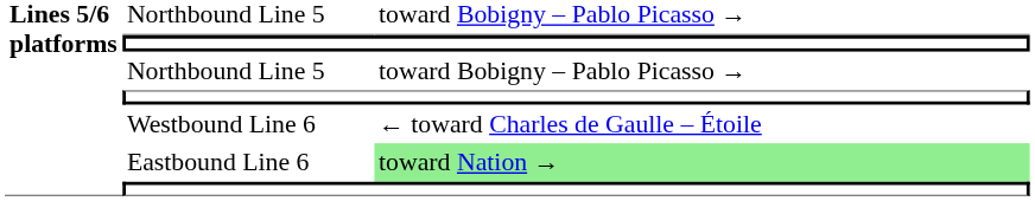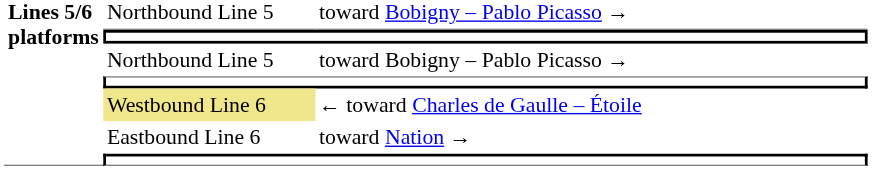 <table border=0 cellspacing=0 cellpadding=3>
 <tr>
 <td style="border-bottom:solid 1px gray;" width=50 rowspan=10 valign=top><strong>Lines 5/6 platforms</strong></td>
 </tr>
 <tr>
 <td style="border-bottom:solid 1px gray;" width=150>Northbound Line 5</td>
 <td style="border-bottom:solid 1px gray;" width=400>   toward <a href='#'>Bobigny – Pablo Picasso</a>  →</td>
 </tr>
 <tr>
 <td style="border-top:solid 2px black;border-right:solid 2px black;border-left:solid 2px black;border-bottom:solid 2px black;text-align:center;" colspan=2></td>
 </tr>
 <tr>
 <td>Northbound Line 5</td>
 <td>   toward Bobigny – Pablo Picasso  →</td>
 </tr>
 <tr>
 <td style="border-top:solid 1px gray;border-right:solid 2px black;border-left:solid 2px black;border-bottom:solid 2px black;text-align:center;" colspan=2></td>
 </tr>
 <tr>
-<td>Westbound Line 6</td>
+<td style="background: khaki;">Westbound Line 6</td>
 <td>←   toward <a href='#'>Charles de Gaulle – Étoile</a> </td>
 </tr>
 <tr>
 <td>Eastbound Line 6</td>
-<td style="background: lightgreen;">   toward <a href='#'>Nation</a>  →</td>
+<td>   toward <a href='#'>Nation</a>  →</td>
 </tr>
 <tr>
 <td style="border-top:solid 2px black;border-right:solid 2px black;border-left:solid 2px black;border-bottom:solid 1px gray;text-align:center;" colspan=2></td>
 </tr>
 </table>
